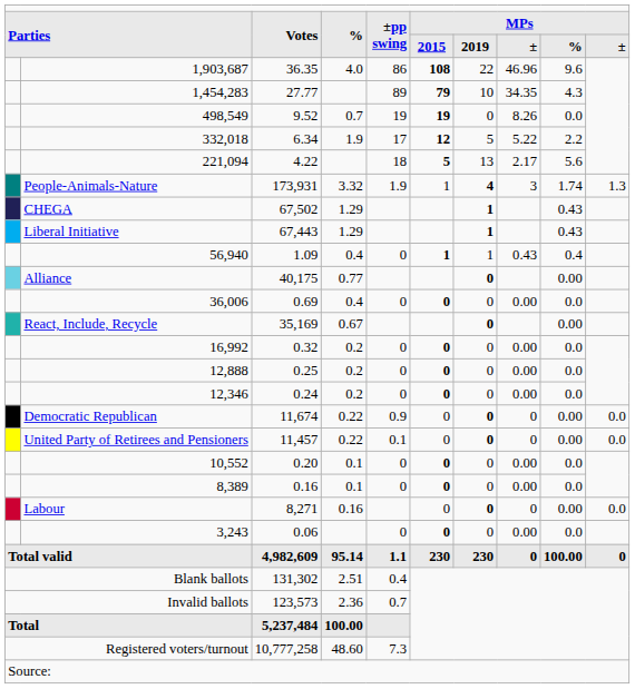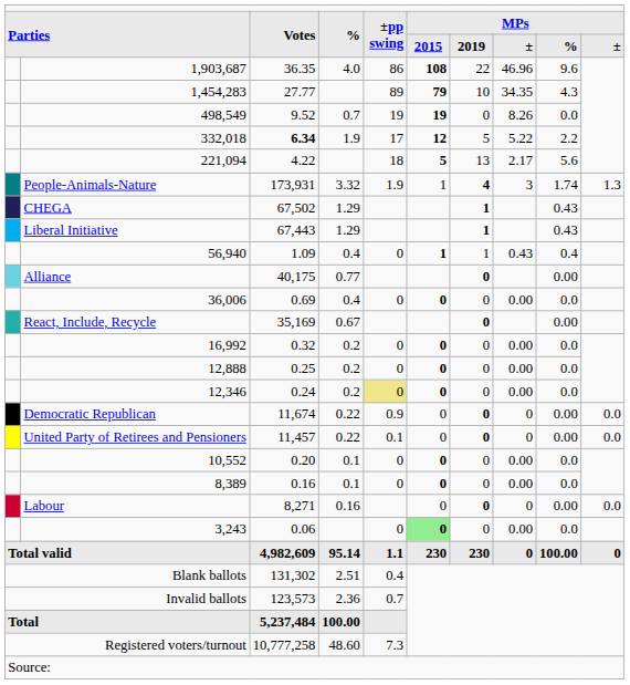 <table class="wikitable" style="text-align:right; font-size:95%;">
 <tr>
 <td colspan=10></td>
 </tr>
 <tr>
 <th rowspan="2" colspan="2" style="background:#e9e9e9; text-align:left;" alignleft><a href='#'>Parties</a></th>
 <th rowspan="2" style="background:#e9e9e9; text-align:right;">Votes</th>
 <th rowspan="2" style="background:#e9e9e9; text-align:right;">%</th>
 <th rowspan="2" style="background:#e9e9e9; text-align:right;">±<a href='#'>pp</a> <a href='#'>swing</a></th>
 <th colspan="5" style="background:#e9e9e9; text-align:center;"><a href='#'>MPs</a></th>
 </tr>
 <tr style="background-color:#E9E9E9">
 <th style="background-color:#E9E9E9;text-align:center;"><a href='#'>2015</a></th>
 <th style="background-color:#E9E9E9;text-align:center;">2019</th>
 <th style="background:#e9e9e9; text-align:right;">±</th>
 <th style="background:#e9e9e9; text-align:right;">%</th>
 <th style="background:#e9e9e9; text-align:right;">±</th>
 </tr>
 <tr>
 <td></td>
 <td>1,903,687</td>
 <td>36.35</td>
 <td>4.0</td>
 <td>86</td>
 <td><strong>108</strong></td>
 <td>22</td>
 <td>46.96</td>
 <td>9.6</td>
 </tr>
 <tr>
 <td></td>
 <td>1,454,283</td>
 <td>27.77</td>
 <td></td>
 <td>89</td>
 <td><strong>79</strong></td>
 <td>10</td>
 <td>34.35</td>
 <td>4.3</td>
 </tr>
 <tr>
 <td></td>
 <td>498,549</td>
 <td>9.52</td>
 <td>0.7</td>
 <td>19</td>
 <td><strong>19</strong></td>
 <td>0</td>
 <td>8.26</td>
 <td>0.0</td>
 </tr>
 <tr>
 <td></td>
 <td>332,018</td>
-<td>6.34</td>
+<td><strong>6.34</strong></td>
 <td>1.9</td>
 <td>17</td>
 <td><strong>12</strong></td>
 <td>5</td>
 <td>5.22</td>
 <td>2.2</td>
 </tr>
 <tr>
 <td></td>
 <td>221,094</td>
 <td>4.22</td>
 <td></td>
 <td>18</td>
 <td><strong>5</strong></td>
 <td>13</td>
 <td>2.17</td>
 <td>5.6</td>
 </tr>
 <tr>
 <td style="width: 10px" bgcolor=teal align="center"></td>
 <td align=left><a href='#'>People-Animals-Nature</a></td>
 <td>173,931</td>
 <td>3.32</td>
 <td>1.9</td>
 <td>1</td>
 <td><strong>4</strong></td>
 <td>3</td>
 <td>1.74</td>
 <td>1.3</td>
 </tr>
 <tr>
 <td style="width: 10px" bgcolor=#202056 align="center"></td>
 <td align=left><a href='#'>CHEGA</a></td>
 <td>67,502</td>
 <td>1.29</td>
 <td></td>
 <td></td>
 <td><strong>1</strong></td>
 <td></td>
 <td>0.43</td>
 <td></td>
 </tr>
 <tr>
 <td style="width: 10px" bgcolor=#00ADEF align="center"></td>
 <td align=left><a href='#'>Liberal Initiative</a></td>
 <td>67,443</td>
 <td>1.29</td>
 <td></td>
 <td></td>
 <td><strong>1</strong></td>
 <td></td>
 <td>0.43</td>
 <td></td>
 </tr>
 <tr>
 <td></td>
 <td>56,940</td>
 <td>1.09</td>
 <td>0.4</td>
 <td>0</td>
 <td><strong>1</strong></td>
 <td>1</td>
 <td>0.43</td>
 <td>0.4</td>
 </tr>
 <tr>
 <td style="width: 10px" bgcolor=#6AD1E3 align="center"></td>
 <td align=left><a href='#'>Alliance</a></td>
 <td>40,175</td>
 <td>0.77</td>
 <td></td>
 <td></td>
 <td><strong>0</strong></td>
 <td></td>
 <td>0.00</td>
 <td></td>
 </tr>
 <tr>
 <td></td>
 <td>36,006</td>
 <td>0.69</td>
 <td>0.4</td>
 <td>0</td>
 <td><strong>0</strong></td>
 <td>0</td>
 <td>0.00</td>
 <td>0.0</td>
 </tr>
 <tr>
 <td style="width: 10px" bgcolor=LightSeaGreen align="center"></td>
 <td align=left><a href='#'>React, Include, Recycle</a></td>
 <td>35,169</td>
 <td>0.67</td>
 <td></td>
 <td></td>
 <td><strong>0</strong></td>
 <td></td>
 <td>0.00</td>
 <td></td>
 </tr>
 <tr>
 <td></td>
 <td>16,992</td>
 <td>0.32</td>
 <td>0.2</td>
 <td>0</td>
 <td><strong>0</strong></td>
 <td>0</td>
 <td>0.00</td>
 <td>0.0</td>
 </tr>
 <tr>
 <td></td>
 <td>12,888</td>
 <td>0.25</td>
 <td>0.2</td>
 <td>0</td>
 <td><strong>0</strong></td>
 <td>0</td>
 <td>0.00</td>
 <td>0.0</td>
 </tr>
 <tr>
 <td></td>
 <td>12,346</td>
 <td>0.24</td>
 <td>0.2</td>
-<td>0</td>
+<td style="background: khaki;">0</td>
 <td><strong>0</strong></td>
 <td>0</td>
 <td>0.00</td>
 <td>0.0</td>
 </tr>
 <tr>
 <td style="width: 10px" bgcolor=black align="center"></td>
 <td align=left><a href='#'>Democratic Republican</a></td>
 <td>11,674</td>
 <td>0.22</td>
 <td>0.9</td>
 <td>0</td>
 <td><strong>0</strong></td>
 <td>0</td>
 <td>0.00</td>
 <td>0.0</td>
 </tr>
 <tr>
 <td style="width: 10px" bgcolor=yellow align="center"></td>
 <td align=left><a href='#'>United Party of Retirees and Pensioners</a></td>
 <td>11,457</td>
 <td>0.22</td>
 <td>0.1</td>
 <td>0</td>
 <td><strong>0</strong></td>
 <td>0</td>
 <td>0.00</td>
 <td>0.0</td>
 </tr>
 <tr>
 <td></td>
 <td>10,552</td>
 <td>0.20</td>
 <td>0.1</td>
 <td>0</td>
 <td><strong>0</strong></td>
 <td>0</td>
 <td>0.00</td>
 <td>0.0</td>
 </tr>
 <tr>
 <td></td>
 <td>8,389</td>
 <td>0.16</td>
 <td>0.1</td>
 <td>0</td>
 <td><strong>0</strong></td>
 <td>0</td>
 <td>0.00</td>
 <td>0.0</td>
 </tr>
 <tr>
 <td style="width: 10px" bgcolor=#CC0033 align="center"></td>
 <td align=left><a href='#'>Labour</a></td>
 <td>8,271</td>
 <td>0.16</td>
 <td></td>
 <td>0</td>
 <td><strong>0</strong></td>
 <td>0</td>
 <td>0.00</td>
 <td>0.0</td>
 </tr>
 <tr>
 <td></td>
 <td>3,243</td>
 <td>0.06</td>
 <td></td>
 <td>0</td>
-<td><strong>0</strong></td>
+<td style="background: lightgreen;"><strong>0</strong></td>
 <td>0</td>
 <td>0.00</td>
 <td>0.0</td>
 </tr>
 <tr>
 <td colspan=2 align=left style="background-color:#E9E9E9"><strong>Total valid</strong></td>
 <td width="65" align="right" style="background-color:#E9E9E9"><strong>4,982,609</strong></td>
 <td width="40" align="right" style="background-color:#E9E9E9"><strong>95.14</strong></td>
 <td width="40" align="right" style="background-color:#E9E9E9"><strong>1.1</strong></td>
 <td width="40" align="right" style="background-color:#E9E9E9"><strong>230</strong></td>
 <td width="40" align="right" style="background-color:#E9E9E9"><strong>230</strong></td>
 <td width="40" align="right" style="background-color:#E9E9E9"><strong>0</strong></td>
 <td width="40" align="right" style="background-color:#E9E9E9"><strong>100.00</strong></td>
 <td width="40" align="right" style="background-color:#E9E9E9"><strong>0</strong></td>
 </tr>
 <tr>
 <td colspan=2>Blank ballots</td>
 <td>131,302</td>
 <td>2.51</td>
 <td>0.4</td>
 <td colspan=5 rowspan=4></td>
 </tr>
 <tr>
 <td colspan=2>Invalid ballots</td>
 <td>123,573</td>
 <td>2.36</td>
 <td>0.7</td>
 </tr>
 <tr>
 <td colspan=2 align=left style="background-color:#E9E9E9"><strong>Total</strong></td>
 <td width="50" align="right" style="background-color:#E9E9E9"><strong>5,237,484</strong></td>
 <td width="40" align="right" style="background-color:#E9E9E9"><strong>100.00</strong></td>
 <td width="40" align="right" style="background-color:#E9E9E9"></td>
 </tr>
 <tr>
 <td colspan=2>Registered voters/turnout</td>
 <td>10,777,258</td>
 <td>48.60</td>
 <td>7.3</td>
 </tr>
 <tr>
 <td colspan=10 align=left>Source: </td>
 </tr>
 </table>
